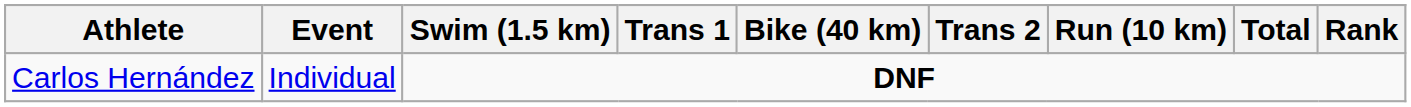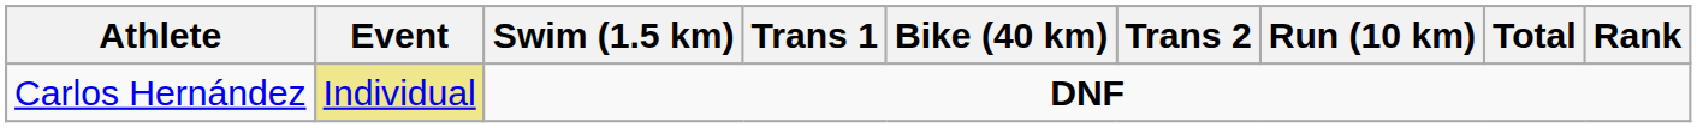 <table class="wikitable" style="font-size:90%">
 <tr>
 <th>Athlete</th>
 <th>Event</th>
 <th>Swim (1.5 km)</th>
 <th>Trans 1</th>
 <th>Bike (40 km)</th>
 <th>Trans 2</th>
 <th>Run (10 km)</th>
 <th>Total</th>
 <th>Rank</th>
 </tr>
 <tr>
 <td><a href='#'>Carlos Hernández</a></td>
-<td><a href='#'>Individual</a></td>
+<td style="background: khaki;"><a href='#'>Individual</a></td>
 <td align=center colspan="7"><strong>DNF</strong></td>
 </tr>
 </table>
